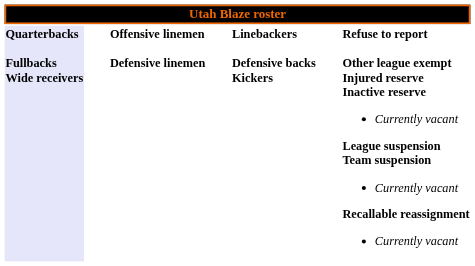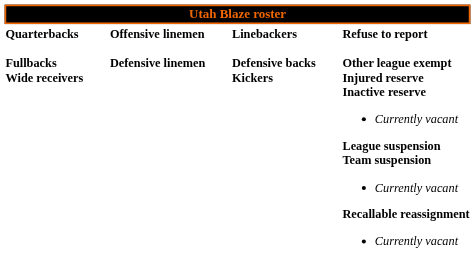 <table class="toccolours" style="text-align: left;">
 <tr>
 <th colspan="9" style="text-align:center; color:#e60; background-color:#000; border:2px solid #e60;">Utah Blaze roster</th>
 </tr>
 <tr>
-<td style="background: lavender; font-size:95%;vertical-align:top;"><strong>Quarterbacks</strong><br><br><strong>Fullbacks</strong> <br><strong>Wide receivers</strong>      </td>
+<td style="font-size:95%;vertical-align:top;"><strong>Quarterbacks</strong><br><br><strong>Fullbacks</strong> <br><strong>Wide receivers</strong>      </td>
 <td style="width:25px;"></td>
 <td style="font-size:95%;vertical-align:top;"><strong>Offensive linemen</strong><br>    <br><strong>Defensive linemen</strong>    </td>
 <td style="width: 25px;"></td>
 <td style="font-size:95%;vertical-align:top;"><strong>Linebackers</strong><br><br><strong>Defensive backs</strong>     <br><strong>Kickers</strong>  </td>
 <td style="width:25px;"></td>
 <td style="font-size:95%;vertical-align:top;"><strong>Refuse to report</strong><br><br><strong>Other league exempt</strong>    <br><strong>Injured reserve</strong>        <br><strong>Inactive reserve</strong><ul><li><em>Currently vacant</em></li></ul><strong>League suspension</strong> <br><strong>Team suspension</strong><ul><li><em>Currently vacant</em></li></ul><strong>Recallable reassignment</strong><ul><li><em>Currently vacant</em></li></ul></td>
 </tr>
 <tr>
 </tr>
 </table>
